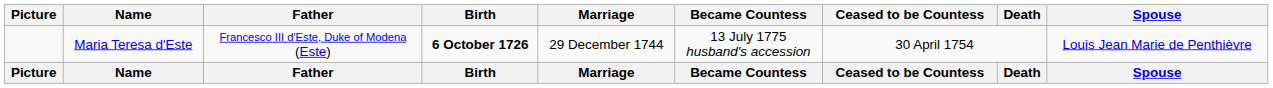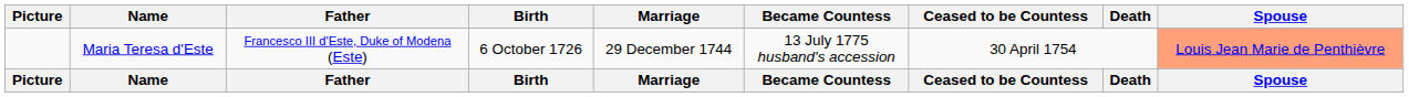 <table style="width:95%;" class="wikitable">
 <tr>
 <th>Picture</th>
 <th>Name</th>
 <th>Father</th>
 <th>Birth</th>
 <th>Marriage</th>
 <th>Became Countess</th>
 <th>Ceased to be Countess</th>
 <th>Death</th>
 <th><a href='#'>Spouse</a></th>
 </tr>
 <tr>
 <td align=center></td>
 <td align=center><a href='#'>Maria Teresa d'Este</a><br></td>
 <td style="text-align:center;"><small><a href='#'>Francesco III d'Este, Duke of Modena</a></small><br>(<a href='#'>Este</a>)</td>
-<td style="text-align:center;"><strong>6 October 1726</strong></td>
+<td style="text-align:center;">6 October 1726</td>
 <td style="text-align:center;">29 December 1744</td>
 <td style="text-align:center;">13 July 1775<br><em>husband's accession</em></td>
 <td style="text-align:center;" colspan="2">30 April 1754</td>
-<td style="text-align:center;"><a href='#'>Louis Jean Marie de Penthièvre</a></td>
+<td style="background: lightsalmon; text-align:center;"><a href='#'>Louis Jean Marie de Penthièvre</a></td>
 </tr>
 <tr>
 <th>Picture</th>
 <th>Name</th>
 <th>Father</th>
 <th>Birth</th>
 <th>Marriage</th>
 <th>Became Countess</th>
 <th>Ceased to be Countess</th>
 <th>Death</th>
 <th><a href='#'>Spouse</a></th>
 </tr>
 </table>
